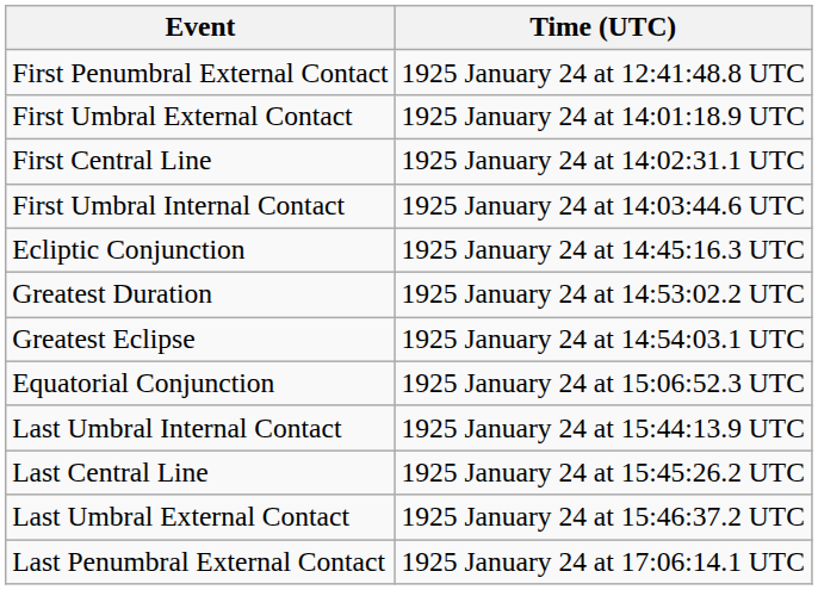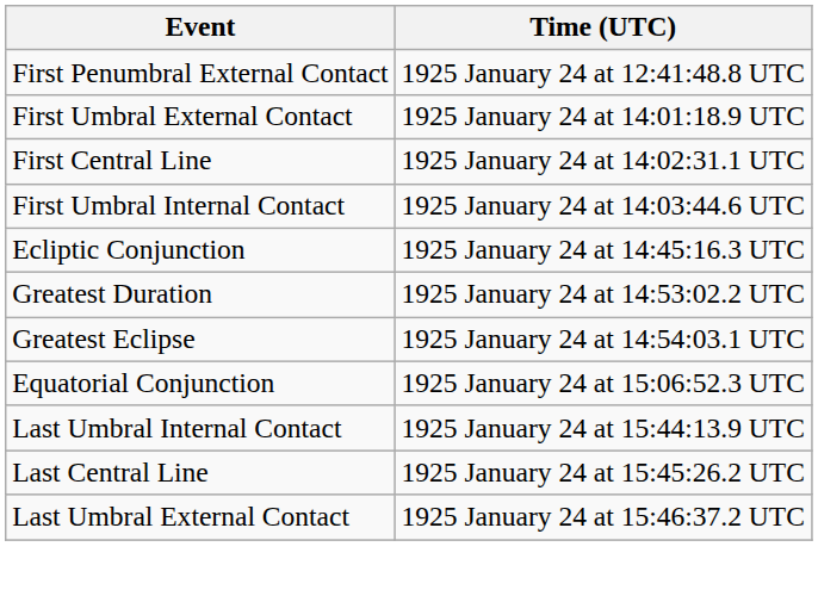 <table class="wikitable">
 <tr>
 <th>Event</th>
 <th>Time (UTC)</th>
 </tr>
 <tr>
 <td>First Penumbral External Contact</td>
 <td>1925 January 24 at 12:41:48.8 UTC</td>
 </tr>
 <tr>
 <td>First Umbral External Contact</td>
 <td>1925 January 24 at 14:01:18.9 UTC</td>
 </tr>
 <tr>
 <td>First Central Line</td>
 <td>1925 January 24 at 14:02:31.1 UTC</td>
 </tr>
 <tr>
 <td>First Umbral Internal Contact</td>
 <td>1925 January 24 at 14:03:44.6 UTC</td>
 </tr>
 <tr>
 <td>Ecliptic Conjunction</td>
 <td>1925 January 24 at 14:45:16.3 UTC</td>
 </tr>
 <tr>
 <td>Greatest Duration</td>
 <td>1925 January 24 at 14:53:02.2 UTC</td>
 </tr>
 <tr>
 <td>Greatest Eclipse</td>
 <td>1925 January 24 at 14:54:03.1 UTC</td>
 </tr>
 <tr>
 <td>Equatorial Conjunction</td>
 <td>1925 January 24 at 15:06:52.3 UTC</td>
 </tr>
 <tr>
 <td>Last Umbral Internal Contact</td>
 <td>1925 January 24 at 15:44:13.9 UTC</td>
 </tr>
 <tr>
 <td>Last Central Line</td>
 <td>1925 January 24 at 15:45:26.2 UTC</td>
 </tr>
 <tr>
 <td>Last Umbral External Contact</td>
 <td>1925 January 24 at 15:46:37.2 UTC</td>
 </tr>
-<tr>
-<td>Last Penumbral External Contact</td>
-<td>1925 January 24 at 17:06:14.1 UTC</td>
-</tr>
 </table>
